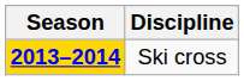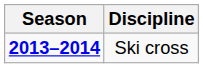 <table class=wikitable style="text-align:center">
 <tr>
 <th>Season</th>
 <th>Discipline</th>
 </tr>
 <tr>
-<td style="background: gold;"><strong><a href='#'>2013–2014</a></strong></td>
+<td><strong><a href='#'>2013–2014</a></strong></td>
 <td>Ski cross</td>
 </tr>
 </table>
